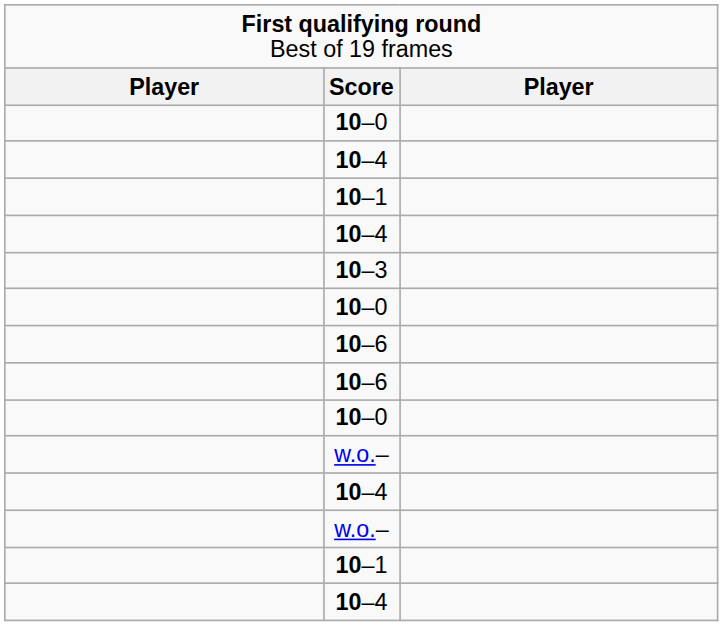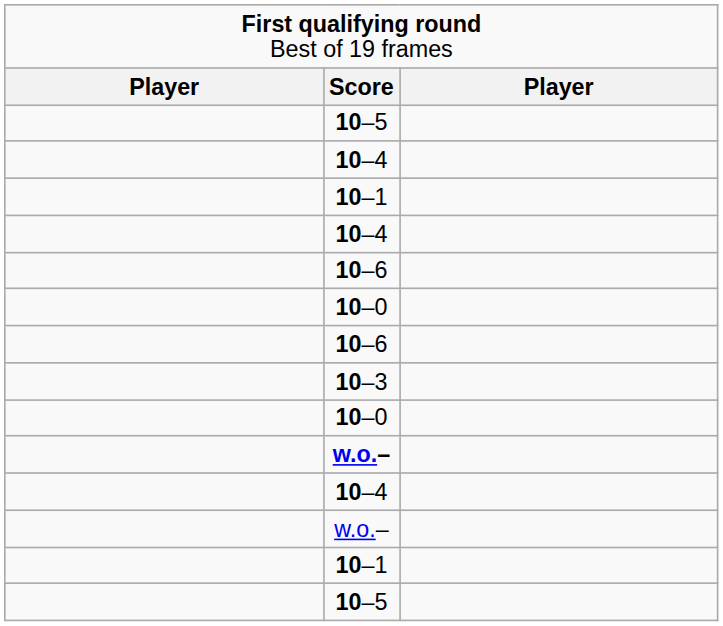 <table class="wikitable " style=font-size:90%>
 <tr>
 <td colspan=3 align="center"><strong>First qualifying round</strong><br>Best of 19 frames</td>
 </tr>
 <tr>
 <th width=190>Player</th>
 <th>Score</th>
 <th width=190>Player</th>
 </tr>
 <tr>
 <td><strong></strong></td>
-<td style="text-align:center;"><strong>10</strong>–0</td>
+<td style="text-align:center;"><strong>10</strong>–5</td>
 <td></td>
 </tr>
 <tr>
 <td><strong></strong></td>
 <td style="text-align:center;"><strong>10</strong>–4</td>
 <td></td>
 </tr>
 <tr>
 <td><strong></strong></td>
 <td style="text-align:center;"><strong>10</strong>–1</td>
 <td></td>
 </tr>
 <tr>
 <td><strong></strong></td>
 <td style="text-align:center;"><strong>10</strong>–4</td>
 <td></td>
 </tr>
 <tr>
 <td><strong></strong></td>
-<td style="text-align:center;"><strong>10</strong>–3</td>
+<td style="text-align:center;"><strong>10</strong>–6</td>
 <td></td>
 </tr>
 <tr>
 <td><strong></strong></td>
 <td style="text-align:center;"><strong>10</strong>–0</td>
 <td></td>
 </tr>
 <tr>
 <td><strong></strong></td>
 <td style="text-align:center;"><strong>10</strong>–6</td>
 <td></td>
 </tr>
 <tr>
 <td><strong></strong></td>
-<td style="text-align:center;"><strong>10</strong>–6</td>
+<td style="text-align:center;"><strong>10</strong>–3</td>
 <td></td>
 </tr>
 <tr>
 <td><strong></strong></td>
 <td style="text-align:center;"><strong>10</strong>–0</td>
 <td></td>
 </tr>
 <tr>
 <td><strong></strong></td>
-<td style="text-align:center;"><a href='#'>w.o.</a>–</td>
+<td style="text-align:center;"><strong><a href='#'>w.o.</a>–</strong></td>
 <td></td>
 </tr>
 <tr>
 <td><strong></strong></td>
 <td style="text-align:center;"><strong>10</strong>–4</td>
 <td></td>
 </tr>
 <tr>
 <td><strong></strong></td>
 <td style="text-align:center;"><a href='#'>w.o.</a>–</td>
 <td></td>
 </tr>
 <tr>
 <td><strong></strong></td>
 <td style="text-align:center;"><strong>10</strong>–1</td>
 <td></td>
 </tr>
 <tr>
 <td><strong></strong></td>
-<td style="text-align:center;"><strong>10</strong>–4</td>
+<td style="text-align:center;"><strong>10</strong>–5</td>
 <td></td>
 </tr>
 </table>
